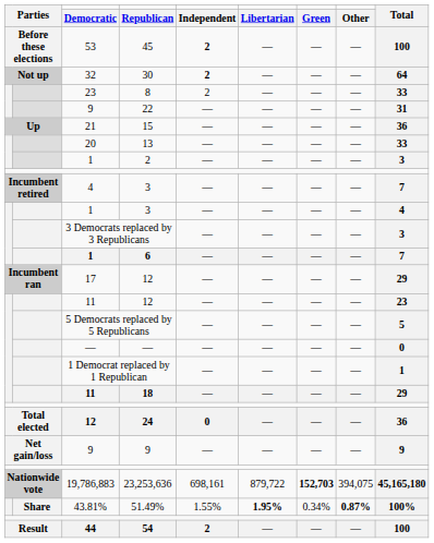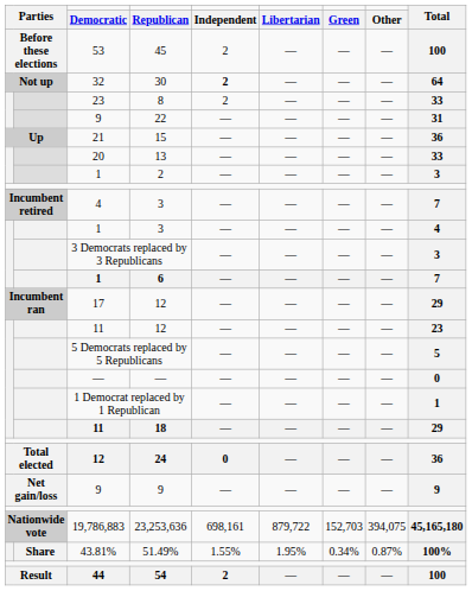 <table class=wikitable style=text-align:center>
 <tr>
 <th colspan=2 rowspan=2>Parties</th>
 <td style="background-color:"></td>
 <td style="background-color:"></td>
 <td style="background-color:"></td>
 <td style="background-color:"></td>
 <td style="background-color:"></td>
 <td style="background-color:"></td>
 <th rowspan=2>Total</th>
 </tr>
 <tr>
 <th><a href='#'>Democratic</a></th>
 <th><a href='#'>Republican</a></th>
 <th>Independent</th>
 <th><a href='#'>Libertarian</a></th>
 <th><a href='#'>Green</a></th>
 <th>Other</th>
 </tr>
 <tr>
 <th colspan=2>Before these elections</th>
 <td>53</td>
 <td>45</td>
-<td><strong>2</strong></td>
+<td>2</td>
 <td>—</td>
 <td>—</td>
 <td>—</td>
 <th>100</th>
 </tr>
 <tr>
 <th colspan=2 style="background:#ccc">Not up</th>
 <td>32</td>
 <td>30</td>
 <td><strong>2</strong></td>
 <td>—</td>
 <td>—</td>
 <td>—</td>
 <th>64</th>
 </tr>
 <tr>
 <th rowspan=2></th>
 <th style="background:#ddd"></th>
 <td>23</td>
 <td>8</td>
 <td>2</td>
 <td>—</td>
 <td>—</td>
 <td>—</td>
 <th>33</th>
 </tr>
 <tr>
 <th style="background:#ddd"></th>
 <td>9</td>
 <td>22</td>
 <td>—</td>
 <td>—</td>
 <td>—</td>
 <td>—</td>
 <th>31</th>
 </tr>
 <tr>
 <th colspan=2 style="background:#ccc">Up</th>
 <td>21</td>
 <td>15</td>
 <td>—</td>
 <td>—</td>
 <td>—</td>
 <td>—</td>
 <th>36</th>
 </tr>
 <tr>
 <th rowspan=2></th>
 <th style="background:#ddd"></th>
 <td>20</td>
 <td>13</td>
 <td>—</td>
 <td>—</td>
 <td>—</td>
 <td>—</td>
 <th>33</th>
 </tr>
 <tr>
 <th style="background:#ddd"></th>
 <td>1</td>
 <td>2</td>
 <td>—</td>
 <td>—</td>
 <td>—</td>
 <td>—</td>
 <th>3</th>
 </tr>
 <tr>
 <td colspan=100></td>
 </tr>
 <tr>
 <th colspan=2 style="background:#ccc">Incumbent retired</th>
 <td>4</td>
 <td>3</td>
 <td>—</td>
 <td>—</td>
 <td>—</td>
 <td>—</td>
 <th>7</th>
 </tr>
 <tr>
 <th rowspan=3></th>
 <th></th>
 <td>1 </td>
 <td>3</td>
 <td>—</td>
 <td>—</td>
 <td>—</td>
 <td>—</td>
 <th>4</th>
 </tr>
 <tr>
 <th></th>
 <td colspan=2 > 3 Democrats replaced by  3 Republicans</td>
 <td>—</td>
 <td>—</td>
 <td>—</td>
 <td>—</td>
 <th>3</th>
 </tr>
 <tr>
 <th></th>
 <th>1</th>
 <th>6</th>
 <th>—</th>
 <th>—</th>
 <th>—</th>
 <th>—</th>
 <th>7</th>
 </tr>
 <tr>
 <th colspan=2 style="background:#ccc">Incumbent ran</th>
 <td>17</td>
 <td>12</td>
 <td>—</td>
 <td>—</td>
 <td>—</td>
 <td>—</td>
 <th>29</th>
 </tr>
 <tr>
 <th rowspan=5></th>
 <th></th>
 <td>11</td>
 <td>12</td>
 <td>—</td>
 <td>—</td>
 <td>—</td>
 <td>—</td>
 <th>23</th>
 </tr>
 <tr>
 <th></th>
 <td colspan=2 > 5 Democrats replaced by  5 Republicans</td>
 <td>—</td>
 <td>—</td>
 <td>—</td>
 <td>—</td>
 <th>5</th>
 </tr>
 <tr>
 <th></th>
 <td>—</td>
 <td>—</td>
 <td>—</td>
 <td>—</td>
 <td>—</td>
 <td>—</td>
 <th>0</th>
 </tr>
 <tr>
 <th></th>
 <td colspan=2 > 1 Democrat replaced by  1 Republican</td>
 <td>—</td>
 <td>—</td>
 <td>—</td>
 <td>—</td>
 <th>1</th>
 </tr>
 <tr>
 <th></th>
 <th>11</th>
 <th>18</th>
 <th>—</th>
 <th>—</th>
 <th>—</th>
 <th>—</th>
 <th>29</th>
 </tr>
 <tr>
 <td colspan=100></td>
 </tr>
 <tr>
 <th colspan=2>Total elected</th>
 <th>12</th>
 <th>24</th>
 <th>0</th>
 <th>—</th>
 <th>—</th>
 <th>—</th>
 <th>36</th>
 </tr>
 <tr>
 <th colspan=2>Net gain/loss</th>
 <td> 9</td>
 <td> 9</td>
 <td>—</td>
 <td>—</td>
 <td>—</td>
 <td>—</td>
 <th>9</th>
 </tr>
 <tr>
 <td colspan=100></td>
 </tr>
 <tr>
 <th colspan=2 style="background:#ccc">Nationwide vote</th>
 <td>19,786,883</td>
 <td>23,253,636</td>
 <td>698,161</td>
 <td>879,722</td>
-<td><strong>152,703</strong></td>
+<td>152,703</td>
 <td>394,075</td>
 <th>45,165,180</th>
 </tr>
 <tr>
 <th></th>
 <th>Share</th>
 <td>43.81%</td>
 <td>51.49%</td>
 <td>1.55%</td>
-<td><strong>1.95%</strong></td>
+<td>1.95%</td>
 <td>0.34%</td>
-<td><strong>0.87%</strong></td>
+<td>0.87%</td>
 <th>100%</th>
 </tr>
 <tr>
 <td colspan=100></td>
 </tr>
 <tr>
 <th colspan=2>Result</th>
 <th>44</th>
 <th>54</th>
 <th>2</th>
 <th>—</th>
 <th>—</th>
 <th>—</th>
 <th>100</th>
 </tr>
 </table>
